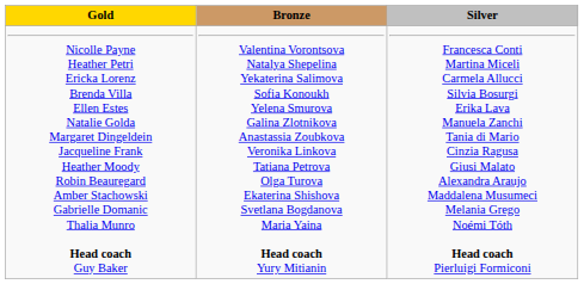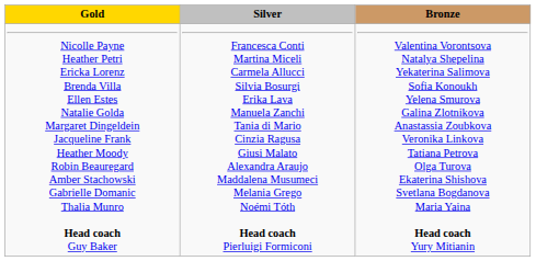 <table class="wikitable" style="font-size:95%;">
 <tr>
 <th style="text-align:center; width:15em; background-color:gold;">Gold</th>
+<th style="text-align:center; width:15em; background-color:silver;">Silver</th>
 <th style="text-align:center; width:15em; background-color:#CC9966;">Bronze</th>
-<th style="text-align:center; width:15em; background-color:silver;">Silver</th>
 </tr>
 <tr>
 <td style="text-align:center; vertical-align:top;"><strong></strong> <hr><a href='#'>Nicolle Payne</a><br><a href='#'>Heather Petri</a><br><a href='#'>Ericka Lorenz</a><br><a href='#'>Brenda Villa</a><br><a href='#'>Ellen Estes</a><br><a href='#'>Natalie Golda</a><br><a href='#'>Margaret Dingeldein</a><br><a href='#'>Jacqueline Frank</a><br><a href='#'>Heather Moody</a><br><a href='#'>Robin Beauregard</a><br><a href='#'>Amber Stachowski</a><br><a href='#'>Gabrielle Domanic</a><br><a href='#'>Thalia Munro</a><br><br><strong>Head coach</strong><br><a href='#'>Guy Baker</a></td>
+<td style="text-align:center; vertical-align:top;"><strong></strong><hr><a href='#'>Francesca Conti</a><br><a href='#'>Martina Miceli</a><br><a href='#'>Carmela Allucci</a><br><a href='#'>Silvia Bosurgi</a><br><a href='#'>Erika Lava</a><br><a href='#'>Manuela Zanchi</a><br><a href='#'>Tania di Mario</a><br><a href='#'>Cinzia Ragusa</a><br><a href='#'>Giusi Malato</a><br><a href='#'>Alexandra Araujo</a><br><a href='#'>Maddalena Musumeci</a><br><a href='#'>Melania Grego</a><br><a href='#'>Noémi Tóth</a><br><br><strong>Head coach</strong><br><a href='#'>Pierluigi Formiconi</a></td>
 <td style="text-align:center; vertical-align:top;"><strong></strong><hr><a href='#'>Valentina Vorontsova</a><br><a href='#'>Natalya Shepelina</a><br><a href='#'>Yekaterina Salimova</a><br><a href='#'>Sofia Konoukh</a><br><a href='#'>Yelena Smurova</a><br><a href='#'>Galina Zlotnikova</a><br><a href='#'>Anastassia Zoubkova</a><br><a href='#'>Veronika Linkova</a><br><a href='#'>Tatiana Petrova</a><br><a href='#'>Olga Turova</a><br><a href='#'>Ekaterina Shishova</a><br><a href='#'>Svetlana Bogdanova</a><br><a href='#'>Maria Yaina</a><br><br><strong>Head coach</strong><br><a href='#'>Yury Mitianin</a></td>
-<td style="text-align:center; vertical-align:top;"><strong></strong><hr><a href='#'>Francesca Conti</a><br><a href='#'>Martina Miceli</a><br><a href='#'>Carmela Allucci</a><br><a href='#'>Silvia Bosurgi</a><br><a href='#'>Erika Lava</a><br><a href='#'>Manuela Zanchi</a><br><a href='#'>Tania di Mario</a><br><a href='#'>Cinzia Ragusa</a><br><a href='#'>Giusi Malato</a><br><a href='#'>Alexandra Araujo</a><br><a href='#'>Maddalena Musumeci</a><br><a href='#'>Melania Grego</a><br><a href='#'>Noémi Tóth</a><br><br><strong>Head coach</strong><br><a href='#'>Pierluigi Formiconi</a></td>
 </tr>
 </table>
